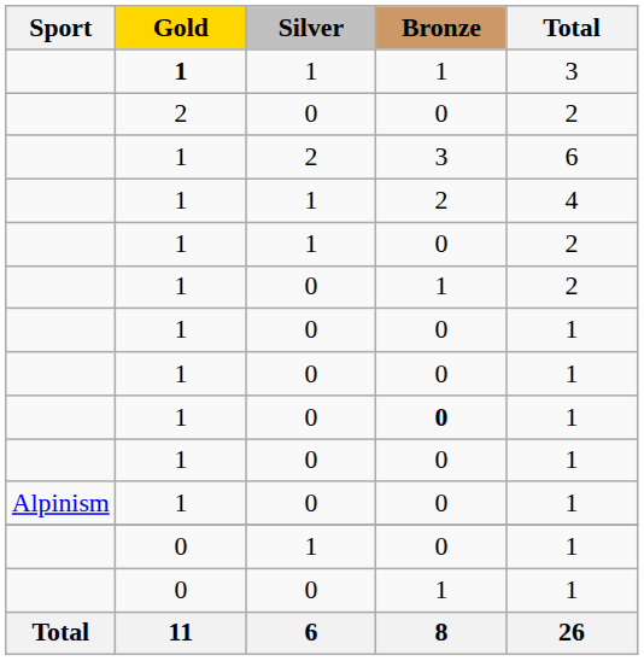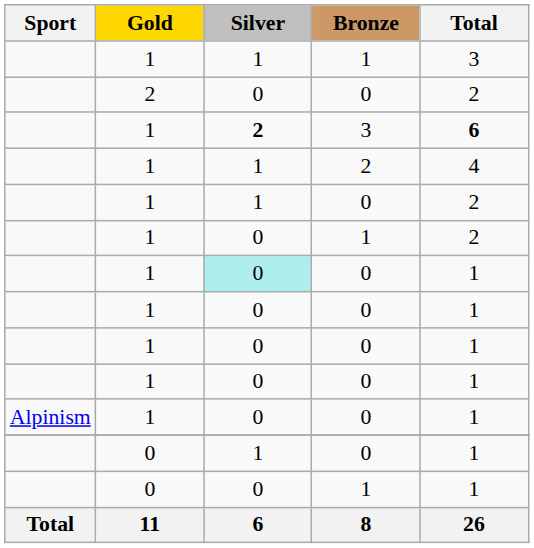 <table class="wikitable" style="text-align:center; font-size:90%;">
 <tr>
 <th>Sport</th>
 <td style="background:gold; width:4.5em; font-weight:bold;">Gold</td>
 <td style="background:silver; width:4.5em; font-weight:bold;">Silver</td>
 <td style="background:#cc9966; width:4.5em; font-weight:bold;">Bronze</td>
 <th style="width:4.5em; font-weight:bold;">Total</th>
 </tr>
 <tr>
 <td style="text-align:left"></td>
-<td><strong>1</strong></td>
+<td>1</td>
 <td>1</td>
 <td>1</td>
 <td>3</td>
 </tr>
 <tr>
 <td style="text-align:left"></td>
 <td>2</td>
 <td>0</td>
 <td>0</td>
 <td>2</td>
 </tr>
 <tr>
 <td style="text-align:left"></td>
 <td>1</td>
-<td>2</td>
+<td><strong>2</strong></td>
 <td>3</td>
-<td>6</td>
+<td><strong>6</strong></td>
 </tr>
 <tr>
 <td style="text-align:left"></td>
 <td>1</td>
 <td>1</td>
 <td>2</td>
 <td>4</td>
 </tr>
 <tr>
 <td style="text-align:left"></td>
 <td>1</td>
 <td>1</td>
 <td>0</td>
 <td>2</td>
 </tr>
 <tr>
 <td style="text-align:left"></td>
 <td>1</td>
 <td>0</td>
 <td>1</td>
 <td>2</td>
 </tr>
 <tr>
 <td style="text-align:left"></td>
 <td>1</td>
-<td>0</td>
+<td style="background: paleturquoise;">0</td>
 <td>0</td>
 <td>1</td>
 </tr>
 <tr>
 <td style="text-align:left"></td>
 <td>1</td>
 <td>0</td>
 <td>0</td>
 <td>1</td>
 </tr>
 <tr>
 <td style="text-align:left"></td>
 <td>1</td>
 <td>0</td>
-<td><strong>0</strong></td>
+<td>0</td>
 <td>1</td>
 </tr>
 <tr>
 <td style="text-align:left"></td>
 <td>1</td>
 <td>0</td>
 <td>0</td>
 <td>1</td>
 </tr>
 <tr>
 <td style="text-align:left"> <a href='#'>Alpinism</a></td>
 <td>1</td>
 <td>0</td>
 <td>0</td>
 <td>1</td>
 </tr>
 <tr>
 </tr>
 <tr>
 <td style="text-align:left"></td>
 <td>0</td>
 <td>1</td>
 <td>0</td>
 <td>1</td>
 </tr>
 <tr>
 <td style="text-align:left"></td>
 <td>0</td>
 <td>0</td>
 <td>1</td>
 <td>1</td>
 </tr>
 <tr>
 <th>Total</th>
 <th>11</th>
 <th>6</th>
 <th>8</th>
 <th>26</th>
 </tr>
 </table>
